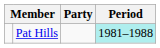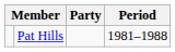 <table class="wikitable">
 <tr>
 <th colspan="2">Member</th>
 <th>Party</th>
 <th>Period</th>
 </tr>
 <tr>
 <td> </td>
 <td><a href='#'>Pat Hills</a></td>
 <td></td>
-<td style="background: paleturquoise;">1981–1988</td>
+<td>1981–1988</td>
 </tr>
 </table>
